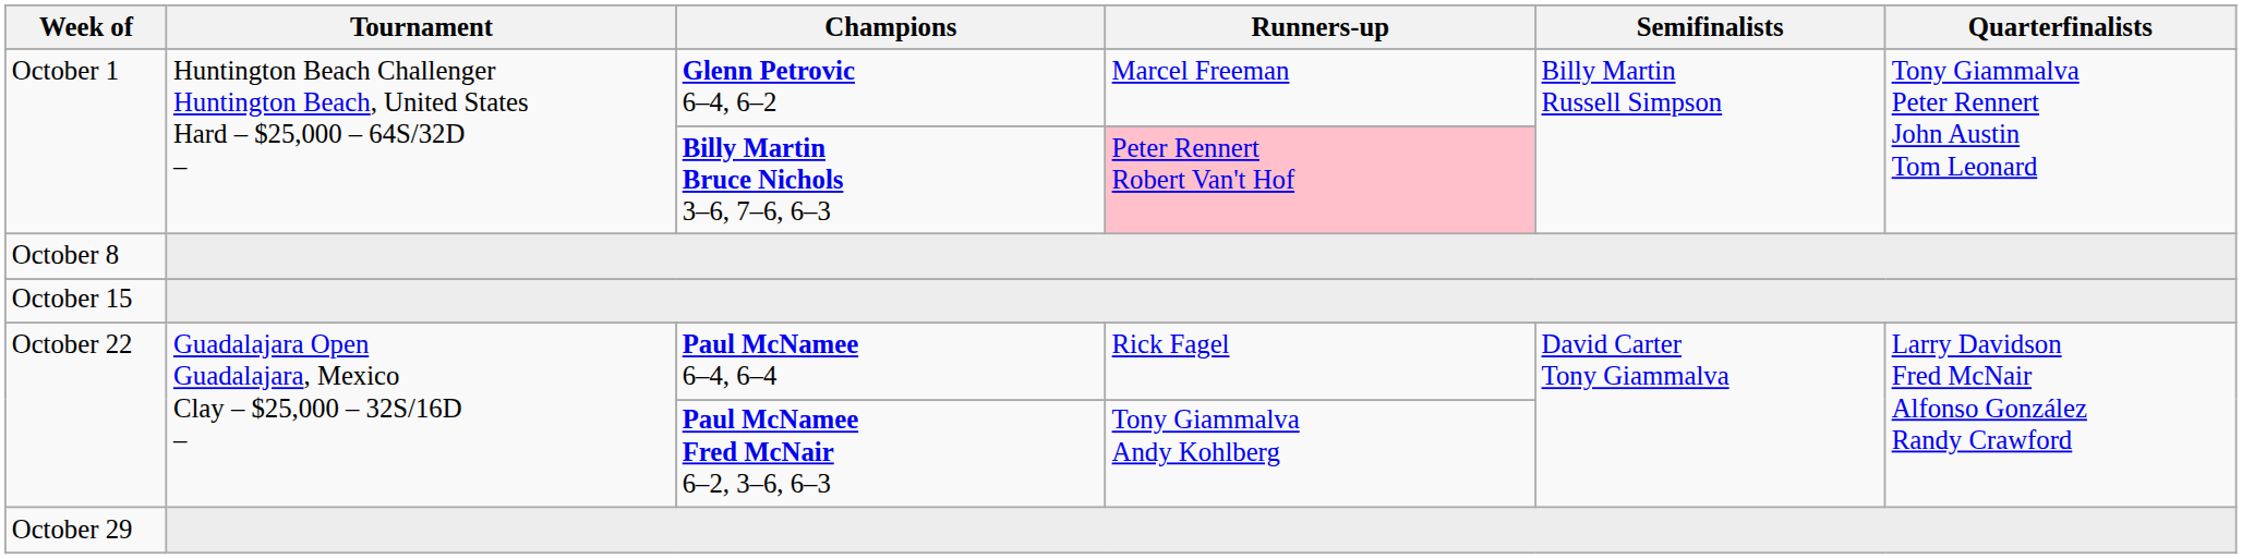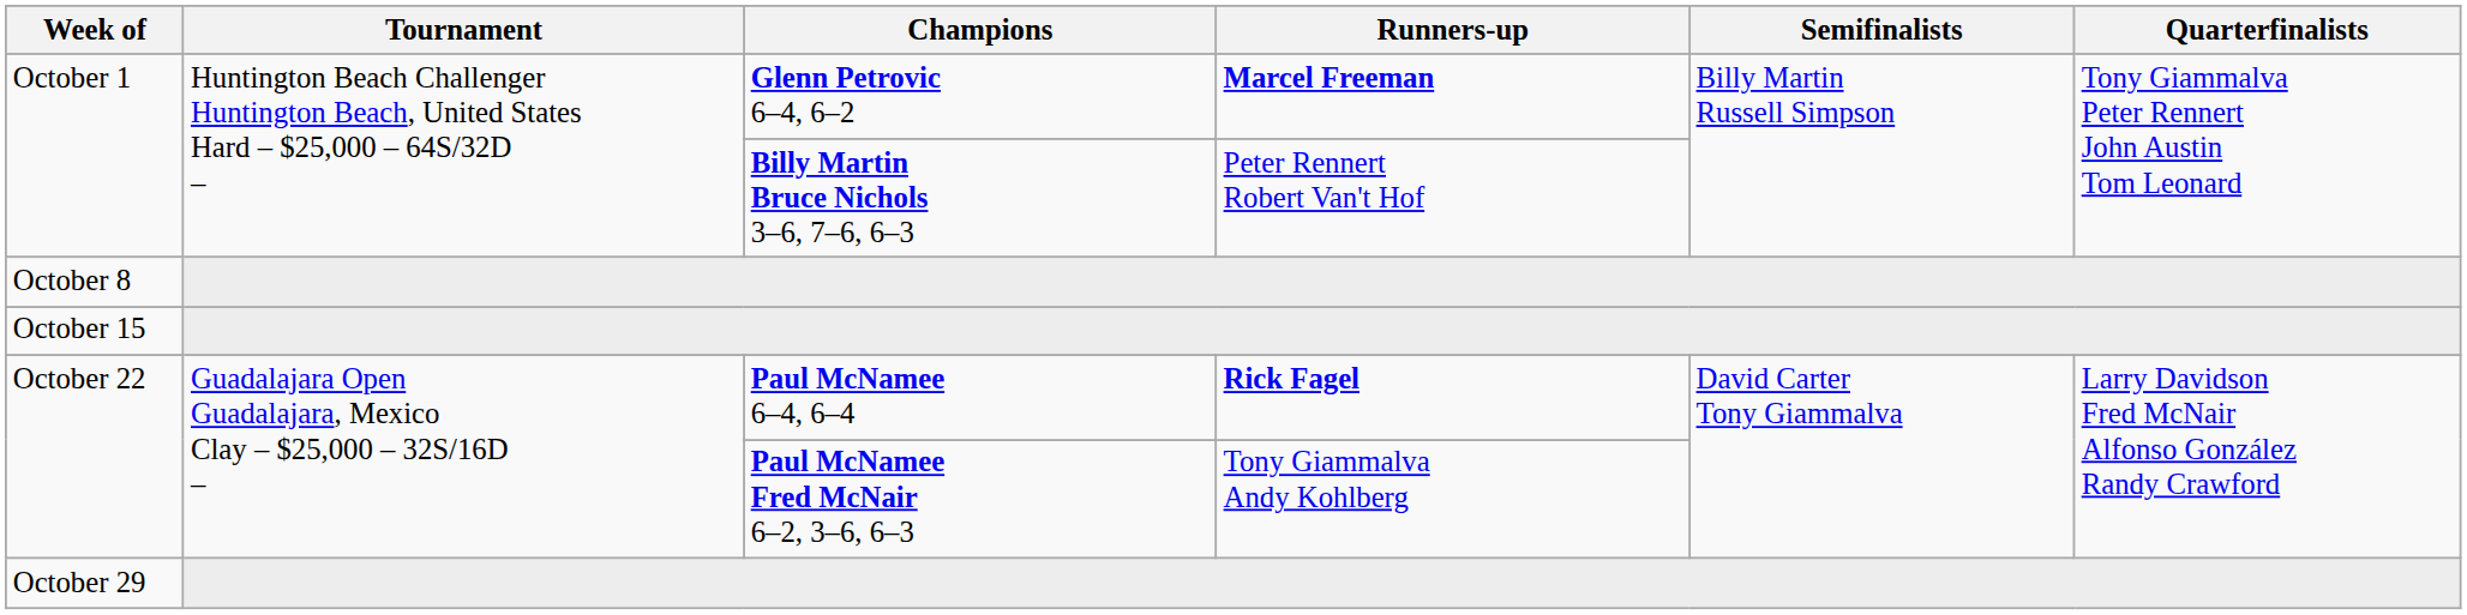 <table class="wikitable" style="font-size:85%;">
 <tr>
 <th width="75">Week of</th>
 <th width="250">Tournament</th>
 <th width="210">Champions</th>
 <th width="210">Runners-up</th>
 <th width="170">Semifinalists</th>
 <th width="170">Quarterfinalists</th>
 </tr>
 <tr valign="top">
 <td rowspan="2">October 1</td>
 <td rowspan="2">Huntington Beach Challenger<br> <a href='#'>Huntington Beach</a>, United States<br>Hard – $25,000 – 64S/32D<br>  – </td>
 <td> <strong><a href='#'>Glenn Petrovic</a></strong> <br>6–4, 6–2</td>
-<td> <a href='#'>Marcel Freeman</a></td>
+<td><strong> <a href='#'>Marcel Freeman</a></strong></td>
 <td rowspan="2"> <a href='#'>Billy Martin</a> <br>  <a href='#'>Russell Simpson</a></td>
 <td rowspan="2"> <a href='#'>Tony Giammalva</a> <br> <a href='#'>Peter Rennert</a> <br> <a href='#'>John Austin</a> <br>  <a href='#'>Tom Leonard</a></td>
 </tr>
 <tr valign="top">
 <td> <strong><a href='#'>Billy Martin</a></strong> <br> <strong><a href='#'>Bruce Nichols</a></strong><br>3–6, 7–6, 6–3</td>
-<td style="background: pink;"> <a href='#'>Peter Rennert</a> <br>  <a href='#'>Robert Van't Hof</a></td>
+<td> <a href='#'>Peter Rennert</a> <br>  <a href='#'>Robert Van't Hof</a></td>
 </tr>
 <tr valign="top">
 <td rowspan="1">October 8</td>
 <td colspan="5" bgcolor="#ededed"></td>
 </tr>
 <tr valign="top">
 <td rowspan="1">October 15</td>
 <td colspan="5" bgcolor="#ededed"></td>
 </tr>
 <tr valign="top">
 <td rowspan="2">October 22</td>
 <td rowspan="2"><a href='#'>Guadalajara Open</a><br> <a href='#'>Guadalajara</a>, Mexico<br>Clay – $25,000 – 32S/16D<br>  – </td>
 <td> <strong><a href='#'>Paul McNamee</a></strong> <br>6–4, 6–4</td>
-<td> <a href='#'>Rick Fagel</a></td>
+<td><strong> <a href='#'>Rick Fagel</a></strong></td>
 <td rowspan="2"> <a href='#'>David Carter</a> <br>  <a href='#'>Tony Giammalva</a></td>
 <td rowspan="2"> <a href='#'>Larry Davidson</a> <br> <a href='#'>Fred McNair</a> <br> <a href='#'>Alfonso González</a> <br>  <a href='#'>Randy Crawford</a></td>
 </tr>
 <tr valign="top">
 <td> <strong><a href='#'>Paul McNamee</a></strong> <br> <strong><a href='#'>Fred McNair</a></strong><br>6–2, 3–6, 6–3</td>
 <td> <a href='#'>Tony Giammalva</a> <br>  <a href='#'>Andy Kohlberg</a></td>
 </tr>
 <tr valign="top">
 <td rowspan="1">October 29</td>
 <td colspan="5" bgcolor="#ededed"></td>
 </tr>
 </table>
